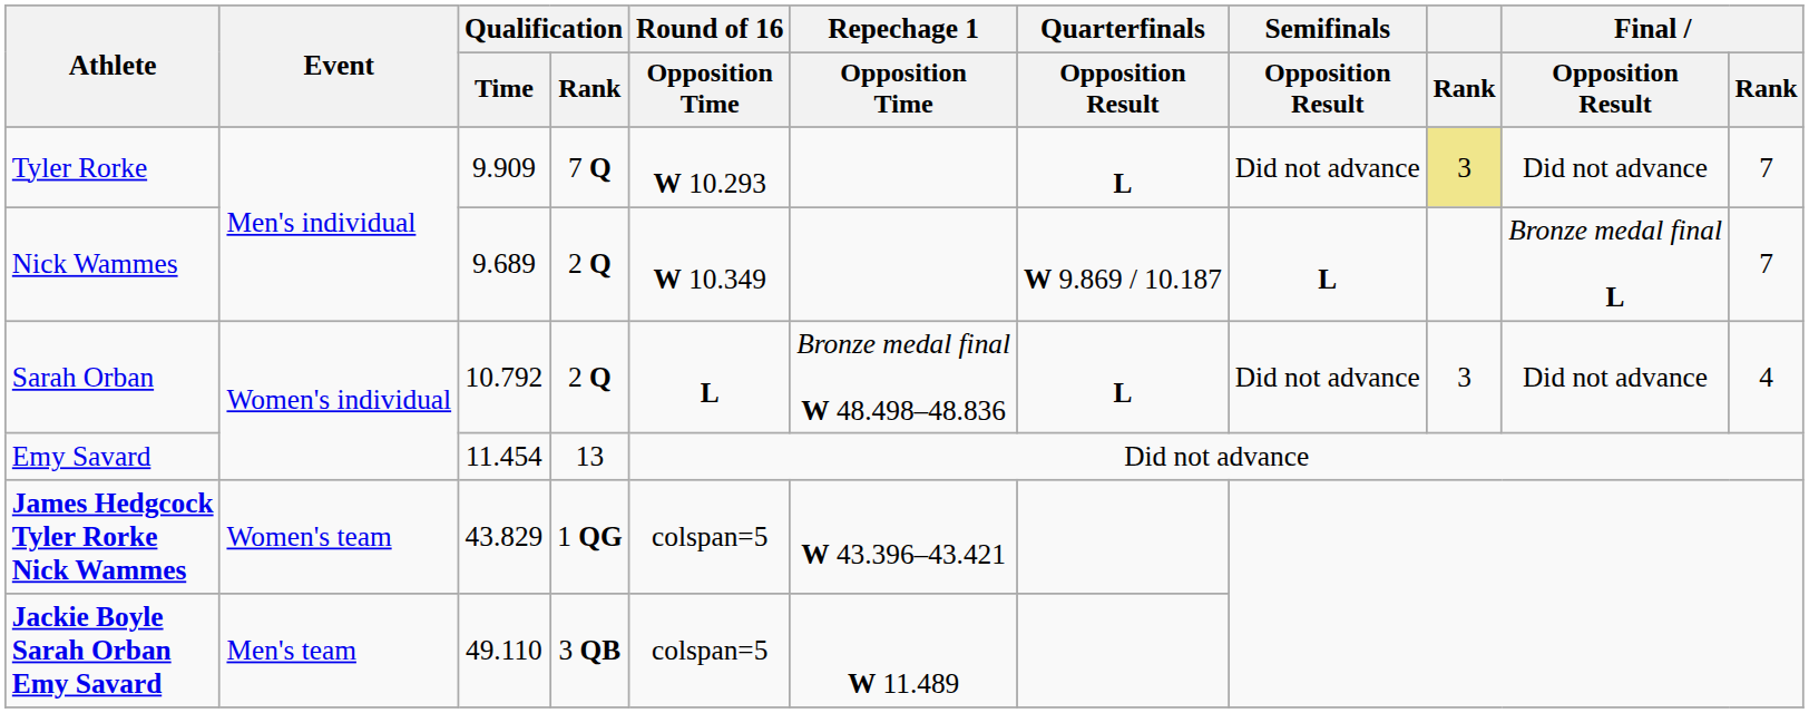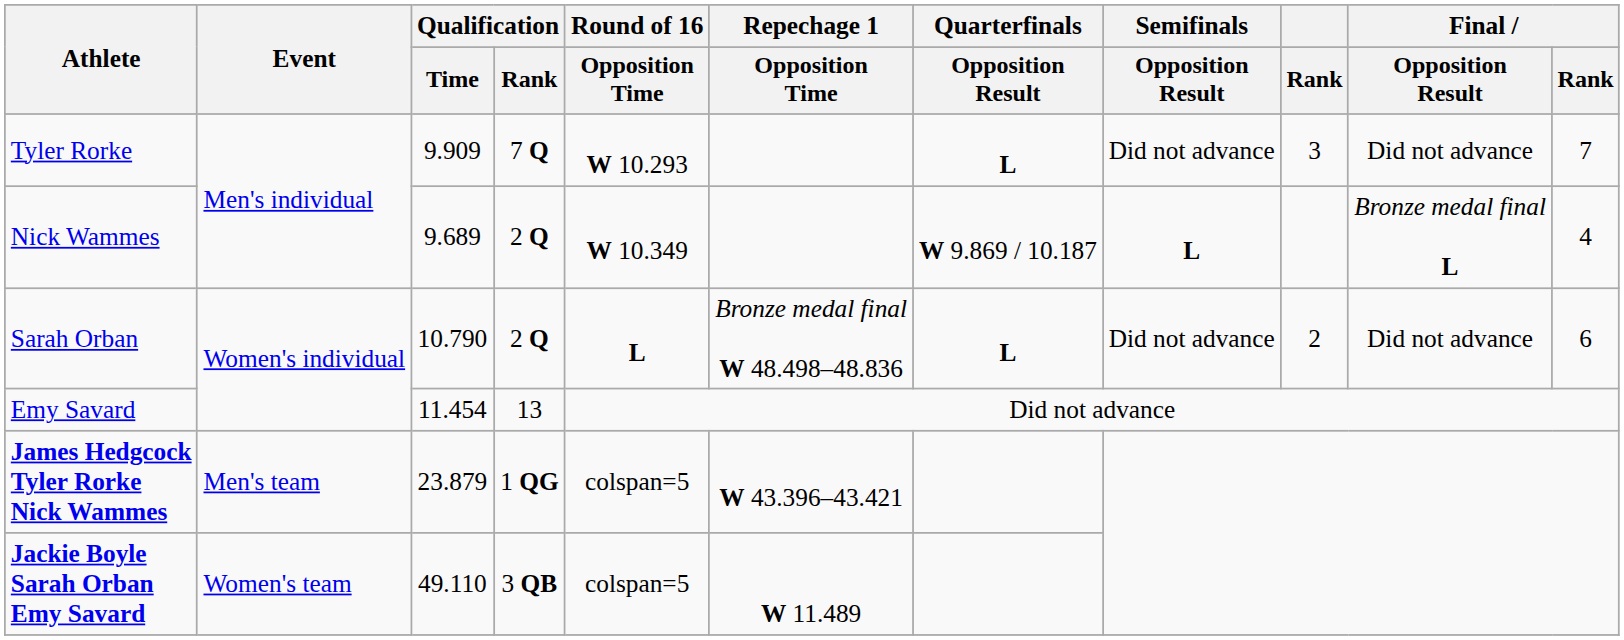 <table class=wikitable style="font-size:90%;">
 <tr>
 <th rowspan=2>Athlete</th>
 <th rowspan=2>Event</th>
 <th colspan=2>Qualification</th>
 <th>Round of 16</th>
 <th>Repechage 1</th>
 <th>Quarterfinals</th>
 <th>Semifinals</th>
 <th></th>
 <th colspan=2>Final / </th>
 </tr>
 <tr style="font-size:95%">
 <th>Time</th>
 <th>Rank</th>
 <th>Opposition<br>Time</th>
 <th>Opposition<br>Time</th>
 <th>Opposition<br>Result</th>
 <th>Opposition<br>Result</th>
 <th>Rank</th>
 <th>Opposition<br>Result</th>
 <th>Rank</th>
 </tr>
 <tr align=center>
 <td align=left><a href='#'>Tyler Rorke</a></td>
 <td align=left rowspan=2><a href='#'>Men's individual</a></td>
 <td>9.909</td>
 <td>7 <strong>Q</strong></td>
 <td><br><strong>W</strong> 10.293</td>
 <td></td>
 <td><br><strong>L</strong></td>
 <td>Did not advance</td>
-<td style="background: khaki;">3</td>
+<td>3</td>
 <td>Did not advance</td>
 <td>7</td>
 </tr>
 <tr align=center>
 <td align=left><a href='#'>Nick Wammes</a></td>
 <td>9.689</td>
 <td>2 <strong>Q</strong></td>
 <td><br><strong>W</strong> 10.349</td>
 <td></td>
 <td><br><strong>W</strong> 9.869 / 10.187</td>
 <td><br><strong>L</strong></td>
 <td></td>
 <td><em>Bronze medal final</em><br><br><strong>L</strong></td>
-<td>7</td>
+<td>4</td>
 </tr>
 <tr align=center>
 <td align=left><a href='#'>Sarah Orban</a></td>
 <td align=left rowspan=2><a href='#'>Women's individual</a></td>
-<td>10.792</td>
+<td>10.790</td>
 <td>2 <strong>Q</strong></td>
 <td><br><strong>L</strong></td>
 <td><em>Bronze medal final</em><br><br><strong>W</strong> 48.498–48.836</td>
 <td><br><strong>L</strong></td>
 <td>Did not advance</td>
-<td>3</td>
+<td>2</td>
 <td>Did not advance</td>
-<td>4</td>
+<td>6</td>
 </tr>
 <tr align=center>
 <td align=left><a href='#'>Emy Savard</a></td>
 <td>11.454</td>
 <td>13</td>
 <td colspan=7>Did not advance</td>
 </tr>
 <tr align=center>
 <td align=left><strong><a href='#'>James Hedgcock</a><br><a href='#'>Tyler Rorke</a><br><a href='#'>Nick Wammes</a></strong></td>
-<td align=left><a href='#'>Women's team</a></td>
-<td>43.829</td>
+<td align=left><a href='#'>Men's team</a></td>
+<td>23.879</td>
 <td>1 <strong>QG</strong></td>
 <td>colspan=5 </td>
 <td><br><strong>W</strong> 43.396–43.421</td>
 <td></td>
 </tr>
 <tr align=center>
 <td align=left><strong><a href='#'>Jackie Boyle</a><br><a href='#'>Sarah Orban</a><br><a href='#'>Emy Savard</a></strong></td>
-<td align=left><a href='#'>Men's team</a></td>
+<td align=left><a href='#'>Women's team</a></td>
 <td>49.110</td>
 <td>3 <strong>QB</strong></td>
 <td>colspan=5 </td>
 <td><br><br><strong>W</strong> 11.489</td>
 <td></td>
 </tr>
 </table>
